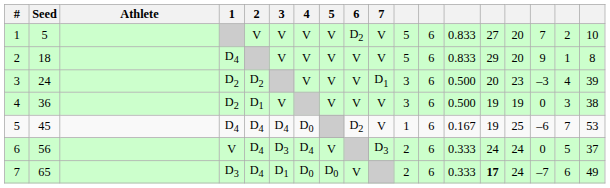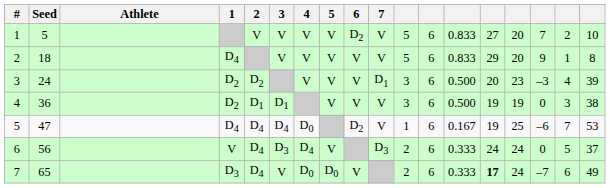 <table class="wikitable" style="text-align:center">
 <tr>
 <th width="25">#</th>
 <th width="25">Seed</th>
 <th width="200">Athlete</th>
 <th width="25">1</th>
 <th width="25">2</th>
 <th width="25">3</th>
 <th width="25">4</th>
 <th width="25">5</th>
 <th width="25">6</th>
 <th width="25">7</th>
 <th width="25"></th>
 <th width="25"></th>
 <th width="40"></th>
 <th width="25"></th>
 <th width="25"></th>
 <th width="25"></th>
 <th width="25"></th>
 <th width="25"></th>
 </tr>
 <tr bgcolor="#ccffcc">
 <td>1</td>
 <td>5</td>
 <td align=left></td>
 <td bgcolor="#cccccc"></td>
 <td>V</td>
 <td>V</td>
 <td>V</td>
 <td>V</td>
 <td>D<sub>2</sub></td>
 <td>V</td>
 <td>5</td>
 <td>6</td>
 <td>0.833</td>
 <td>27</td>
 <td>20</td>
 <td>7</td>
 <td>2</td>
 <td>10</td>
 </tr>
 <tr bgcolor="#ccffcc">
 <td>2</td>
 <td>18</td>
 <td align=left></td>
 <td>D<sub>4</sub></td>
 <td bgcolor="#cccccc"></td>
 <td>V</td>
 <td>V</td>
 <td>V</td>
 <td>V</td>
 <td>V</td>
 <td>5</td>
 <td>6</td>
 <td>0.833</td>
 <td>29</td>
 <td>20</td>
 <td>9</td>
 <td>1</td>
 <td>8</td>
 </tr>
 <tr bgcolor="#ccffcc">
 <td>3</td>
 <td>24</td>
 <td align=left></td>
 <td>D<sub>2</sub></td>
 <td>D<sub>2</sub></td>
 <td bgcolor="#cccccc"></td>
 <td>V</td>
 <td>V</td>
 <td>V</td>
 <td>D<sub>1</sub></td>
 <td>3</td>
 <td>6</td>
 <td>0.500</td>
 <td>20</td>
 <td>23</td>
 <td>–3</td>
 <td>4</td>
 <td>39</td>
 </tr>
 <tr bgcolor="#ccffcc">
 <td>4</td>
 <td>36</td>
 <td align=left></td>
 <td>D<sub>2</sub></td>
 <td>D<sub>1</sub></td>
-<td>V</td>
+<td>D<sub>1</sub></td>
 <td bgcolor="#cccccc"></td>
 <td>V</td>
 <td>V</td>
 <td>V</td>
 <td>3</td>
 <td>6</td>
 <td>0.500</td>
 <td>19</td>
 <td>19</td>
 <td>0</td>
 <td>3</td>
 <td>38</td>
 </tr>
 <tr>
 <td>5</td>
-<td>45</td>
+<td>47</td>
 <td align=left></td>
 <td>D<sub>4</sub></td>
 <td>D<sub>4</sub></td>
 <td>D<sub>4</sub></td>
 <td>D<sub>0</sub></td>
 <td bgcolor="#cccccc"></td>
 <td>D<sub>2</sub></td>
 <td>V</td>
 <td>1</td>
 <td>6</td>
 <td>0.167</td>
 <td>19</td>
 <td>25</td>
 <td>–6</td>
 <td>7</td>
 <td>53</td>
 </tr>
 <tr bgcolor="#ccffcc">
 <td>6</td>
 <td>56</td>
 <td align=left></td>
 <td>V</td>
 <td>D<sub>4</sub></td>
 <td>D<sub>3</sub></td>
 <td>D<sub>4</sub></td>
 <td>V</td>
 <td bgcolor="#cccccc"></td>
 <td>D<sub>3</sub></td>
 <td>2</td>
 <td>6</td>
 <td>0.333</td>
 <td>24</td>
 <td>24</td>
 <td>0</td>
 <td>5</td>
 <td>37</td>
 </tr>
 <tr bgcolor="#ccffcc">
 <td>7</td>
 <td>65</td>
 <td align=left></td>
 <td>D<sub>3</sub></td>
 <td>D<sub>4</sub></td>
-<td>D<sub>1</sub></td>
+<td>V</td>
 <td>D<sub>0</sub></td>
 <td>D<sub>0</sub></td>
 <td>V</td>
 <td bgcolor="#cccccc"></td>
 <td>2</td>
 <td>6</td>
 <td>0.333</td>
 <td><strong>17</strong></td>
 <td>24</td>
 <td>–7</td>
 <td>6</td>
 <td>49</td>
 </tr>
 </table>
